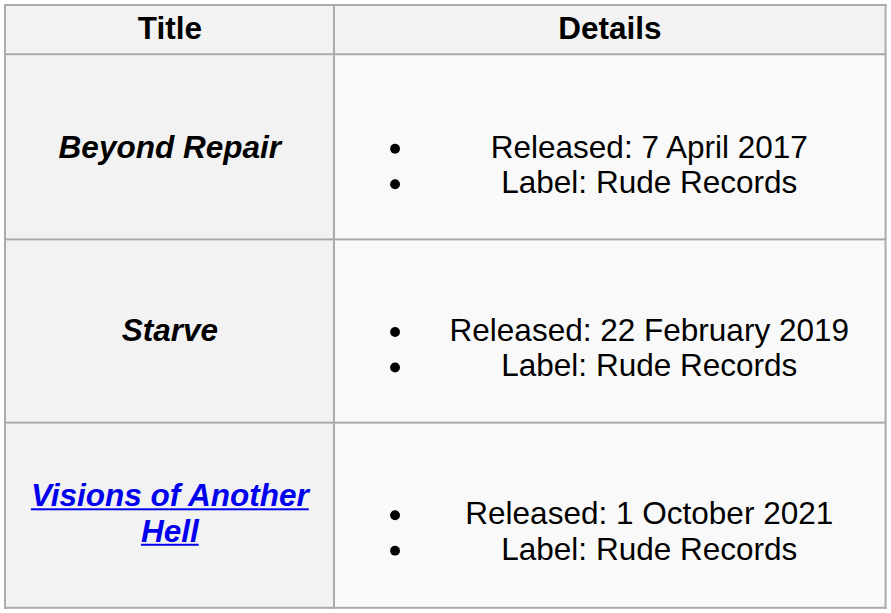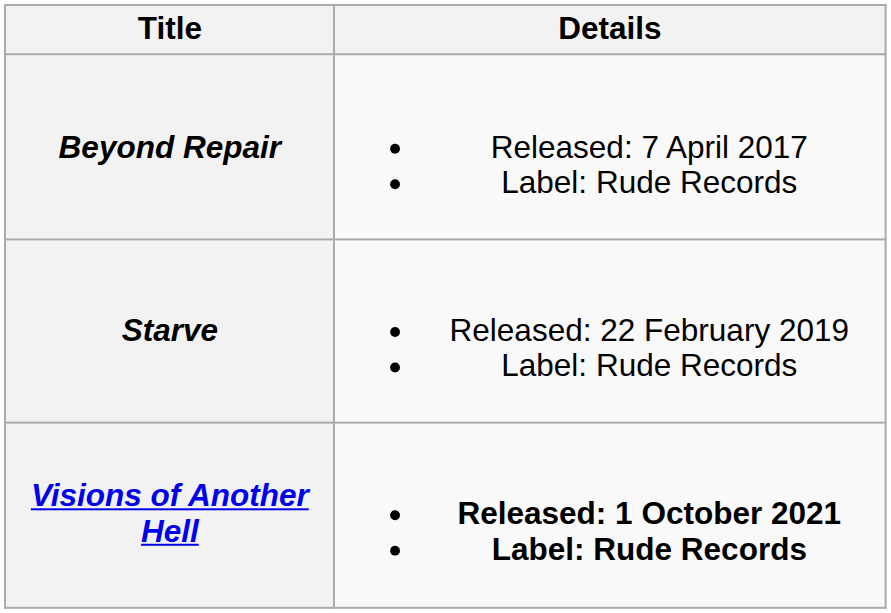 <table class="wikitable plainrowheaders" style="text-align:center;">
 <tr>
 <th scope="col" style="width:10em;">Title</th>
 <th scope="col" style="width:17em;">Details</th>
 </tr>
 <tr>
 <th scope="row"><em>Beyond Repair</em></th>
 <td><br><ul><li>Released: 7 April 2017</li><li>Label: Rude Records</li></ul></td>
 </tr>
 <tr>
 <th scope="row"><em>Starve</em></th>
 <td><br><ul><li>Released: 22 February 2019</li><li>Label: Rude Records</li></ul></td>
 </tr>
 <tr>
 <th scope="row"><em><a href='#'>Visions of Another Hell</a></em></th>
-<td><br><ul><li>Released: 1 October 2021</li><li>Label: Rude Records</li></ul></td>
+<td><strong><br><ul><li>Released: 1 October 2021</li><li>Label: Rude Records</li></ul></strong></td>
 </tr>
 </table>
